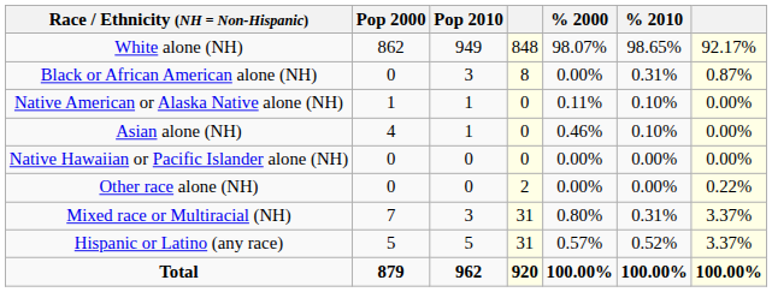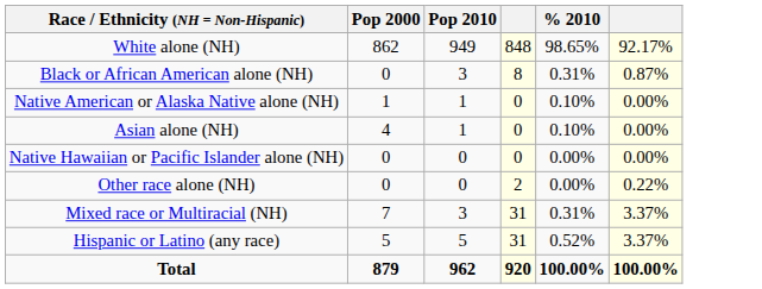 <table class="wikitable" style="text-align:center;">
 <tr>
 <th>Race / Ethnicity <small>(<em>NH = Non-Hispanic</em>)</small></th>
 <th>Pop 2000</th>
 <th>Pop 2010</th>
 <th></th>
-<th>% 2000</th>
 <th>% 2010</th>
 <th></th>
 </tr>
 <tr>
 <td><a href='#'>White</a> alone (NH)</td>
 <td>862</td>
 <td>949</td>
 <td style='background: #ffffe6;'>848</td>
-<td>98.07%</td>
 <td>98.65%</td>
 <td style='background: #ffffe6;'>92.17%</td>
 </tr>
 <tr>
 <td><a href='#'>Black or African American</a> alone (NH)</td>
 <td>0</td>
 <td>3</td>
 <td style='background: #ffffe6;'>8</td>
-<td>0.00%</td>
 <td>0.31%</td>
 <td style='background: #ffffe6;'>0.87%</td>
 </tr>
 <tr>
 <td><a href='#'>Native American</a> or <a href='#'>Alaska Native</a> alone (NH)</td>
 <td>1</td>
 <td>1</td>
 <td style='background: #ffffe6;'>0</td>
-<td>0.11%</td>
 <td>0.10%</td>
 <td style='background: #ffffe6;'>0.00%</td>
 </tr>
 <tr>
 <td><a href='#'>Asian</a> alone (NH)</td>
 <td>4</td>
 <td>1</td>
 <td style='background: #ffffe6;'>0</td>
-<td>0.46%</td>
 <td>0.10%</td>
 <td style='background: #ffffe6;'>0.00%</td>
 </tr>
 <tr>
 <td><a href='#'>Native Hawaiian</a> or <a href='#'>Pacific Islander</a> alone (NH)</td>
 <td>0</td>
 <td>0</td>
 <td style='background: #ffffe6;'>0</td>
 <td>0.00%</td>
-<td>0.00%</td>
 <td style='background: #ffffe6;'>0.00%</td>
 </tr>
 <tr>
 <td><a href='#'>Other race</a> alone (NH)</td>
 <td>0</td>
 <td>0</td>
 <td style='background: #ffffe6;'>2</td>
 <td>0.00%</td>
-<td>0.00%</td>
 <td style='background: #ffffe6;'>0.22%</td>
 </tr>
 <tr>
 <td><a href='#'>Mixed race or Multiracial</a> (NH)</td>
 <td>7</td>
 <td>3</td>
 <td style='background: #ffffe6;'>31</td>
-<td>0.80%</td>
 <td>0.31%</td>
 <td style='background: #ffffe6;'>3.37%</td>
 </tr>
 <tr>
 <td><a href='#'>Hispanic or Latino</a> (any race)</td>
 <td>5</td>
 <td>5</td>
 <td style='background: #ffffe6;'>31</td>
-<td>0.57%</td>
 <td>0.52%</td>
 <td style='background: #ffffe6;'>3.37%</td>
 </tr>
 <tr>
 <td><strong>Total</strong></td>
 <td><strong>879</strong></td>
 <td><strong>962</strong></td>
 <td style='background: #ffffe6;'><strong>920</strong></td>
 <td><strong>100.00%</strong></td>
-<td><strong>100.00%</strong></td>
 <td style='background: #ffffe6;'><strong>100.00%</strong></td>
 </tr>
 </table>
